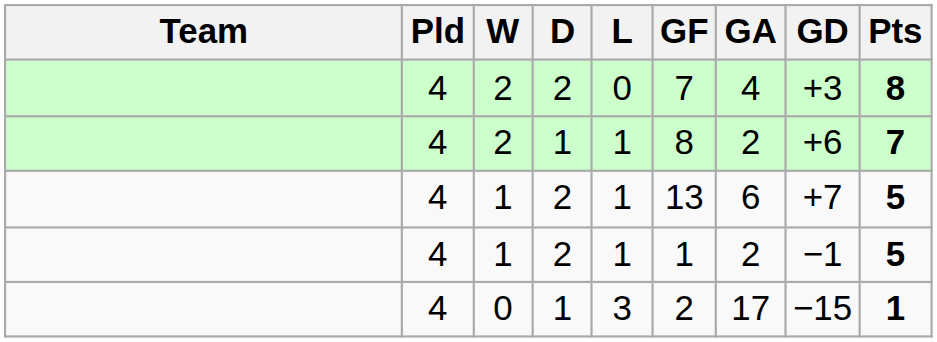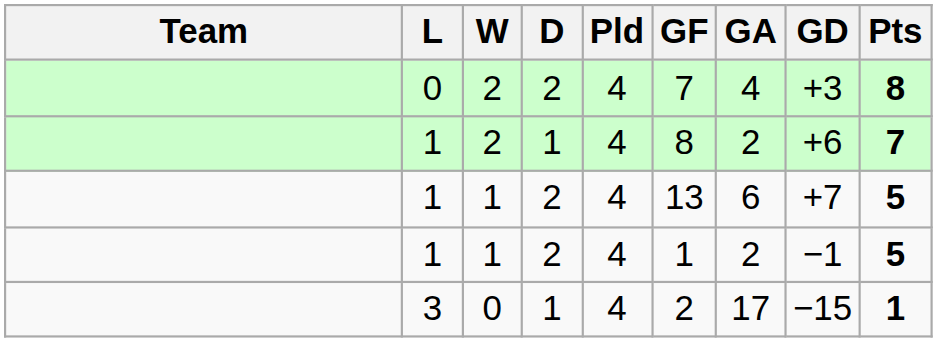 <table class="wikitable" style="text-align: center;">
 <tr>
 <th width=175>Team</th>
-<th width=20>Pld</th>
+<th width=20>L</th>
 <th width=20>W</th>
 <th width=20>D</th>
-<th width=20>L</th>
+<th width=20>Pld</th>
 <th width=20>GF</th>
 <th width=20>GA</th>
 <th width=20>GD</th>
 <th width=20>Pts</th>
 </tr>
 <tr bgcolor=ccffcc>
 <td style="text-align:left;"></td>
-<td>4</td>
+<td>0</td>
 <td>2</td>
 <td>2</td>
-<td>0</td>
+<td>4</td>
 <td>7</td>
 <td>4</td>
 <td>+3</td>
 <td><strong>8</strong></td>
 </tr>
 <tr bgcolor=ccffcc>
 <td style="text-align:left;"></td>
-<td>4</td>
+<td>1</td>
 <td>2</td>
 <td>1</td>
-<td>1</td>
+<td>4</td>
 <td>8</td>
 <td>2</td>
 <td>+6</td>
 <td><strong>7</strong></td>
 </tr>
 <tr>
 <td style="text-align:left;"></td>
-<td>4</td>
+<td>1</td>
 <td>1</td>
 <td>2</td>
-<td>1</td>
+<td>4</td>
 <td>13</td>
 <td>6</td>
 <td>+7</td>
 <td><strong>5</strong></td>
 </tr>
 <tr>
 <td style="text-align:left;"></td>
-<td>4</td>
+<td>1</td>
 <td>1</td>
 <td>2</td>
-<td>1</td>
+<td>4</td>
 <td>1</td>
 <td>2</td>
 <td>−1</td>
 <td><strong>5</strong></td>
 </tr>
 <tr>
 <td style="text-align:left;"></td>
-<td>4</td>
+<td>3</td>
 <td>0</td>
 <td>1</td>
-<td>3</td>
+<td>4</td>
 <td>2</td>
 <td>17</td>
 <td>−15</td>
 <td><strong>1</strong></td>
 </tr>
 </table>
